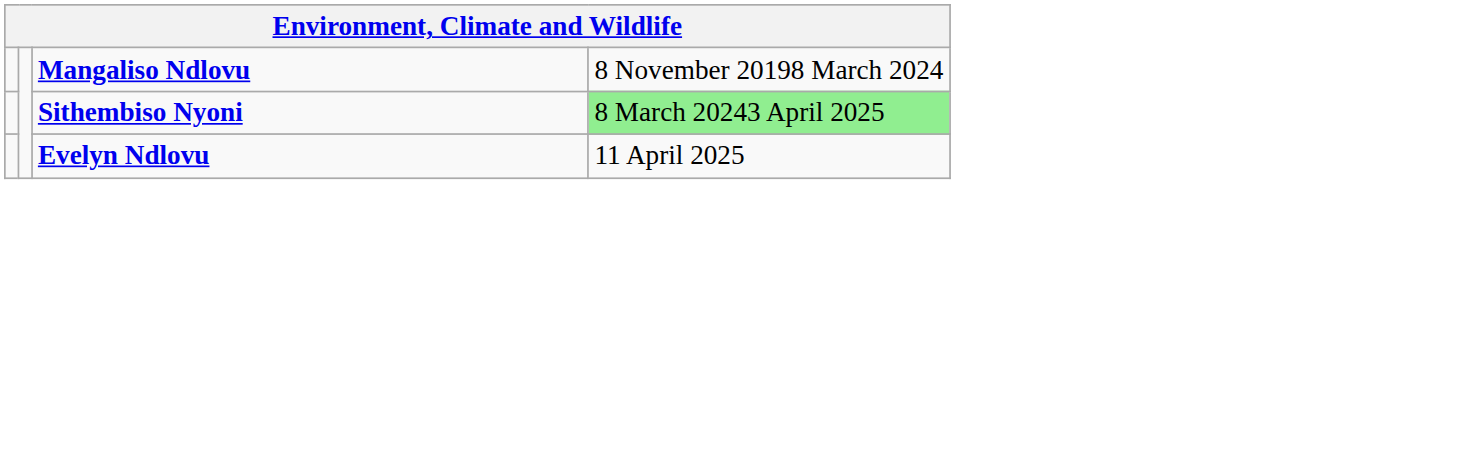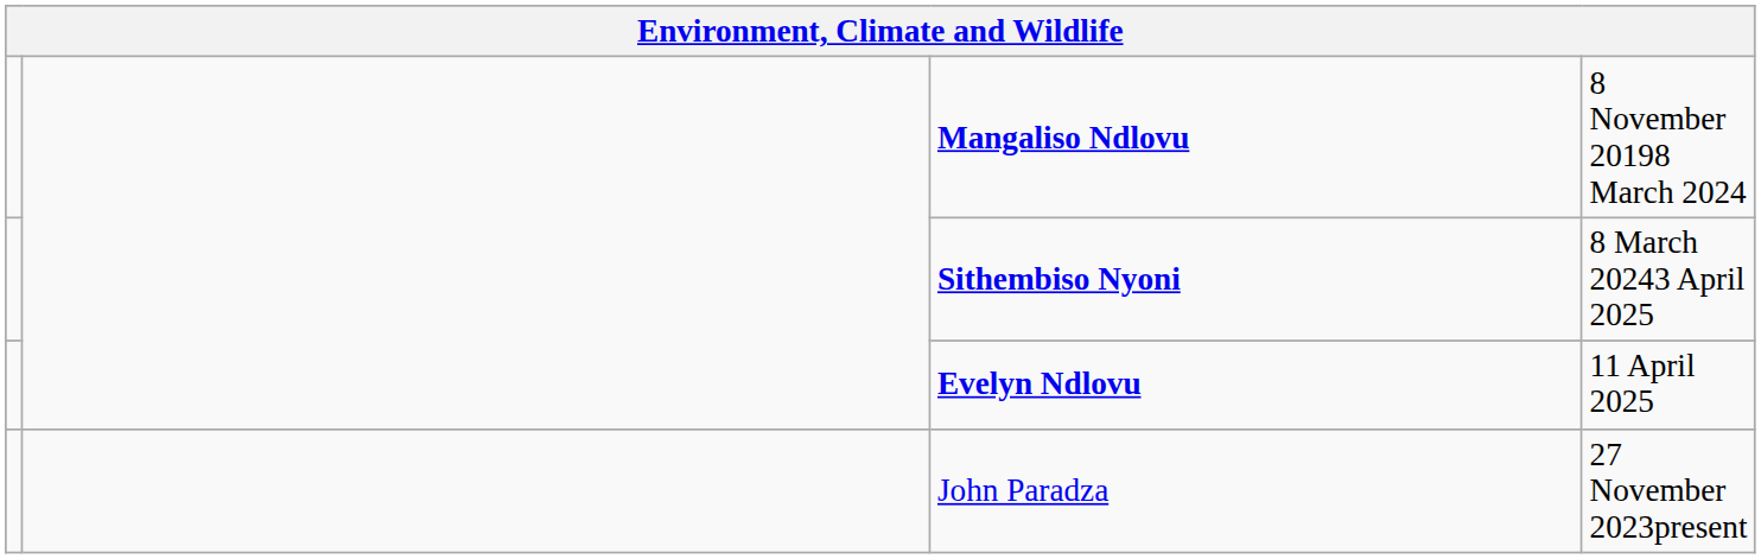 <table class="wikitable">
 <tr>
 <th colspan="4"><a href='#'>Environment, Climate and Wildlife</a></th>
 </tr>
 <tr>
 <td></td>
 <td rowspan="3" style="wi dth: 450px;"></td>
 <td style="width: 320px;"> <strong><a href='#'>Mangaliso Ndlovu</a></strong></td>
 <td>8 November 20198 March 2024</td>
 </tr>
 <tr>
 <td style="width: 1px; background: "></td>
 <td style="width: 320px;"> <strong><a href='#'>Sithembiso Nyoni</a></strong></td>
-<td style="background: lightgreen;">8 March 20243 April 2025</td>
+<td>8 March 20243 April 2025</td>
 </tr>
 <tr>
 <td style="width: 1px; background: "></td>
 <td style="width: 320px;"> <strong><a href='#'>Evelyn Ndlovu</a></strong></td>
 <td>11 April 2025</td>
 </tr>
+<tr>
+<td style="width: 1px; background: "></td>
+<td style="width: 450px;"></td>
+<td style="width: 320px;"> <a href='#'>John Paradza</a></td>
+<td>27 November 2023present</td>
+</tr>
 </table>
